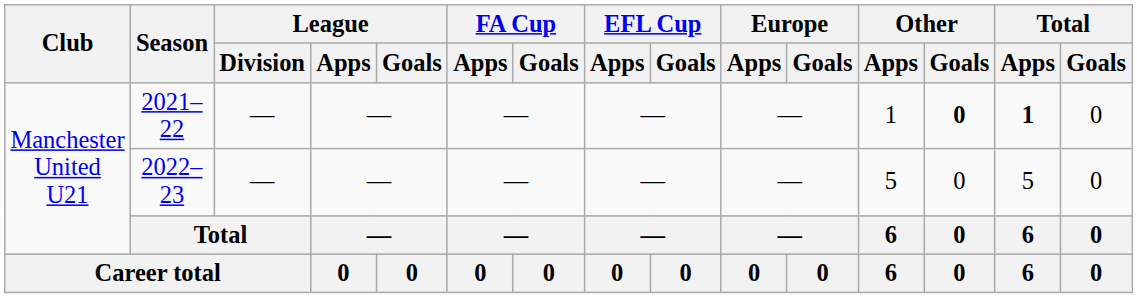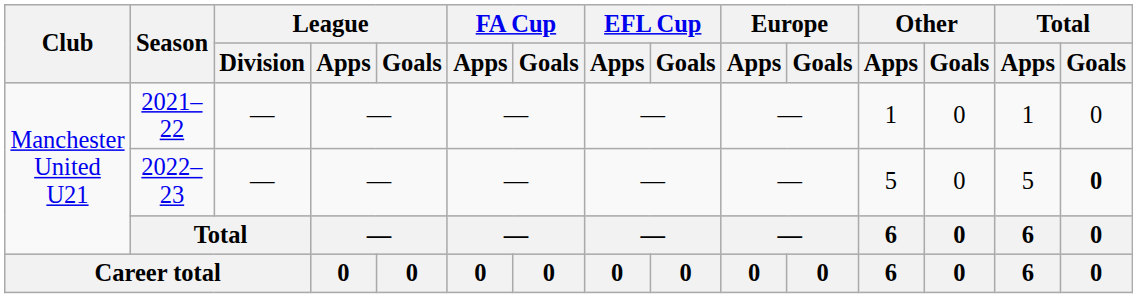 <table class=wikitable style=text-align:center>
 <tr>
 <th rowspan=2>Club</th>
 <th rowspan=2>Season</th>
 <th colspan=3>League</th>
 <th colspan=2><a href='#'>FA Cup</a></th>
 <th colspan=2><a href='#'>EFL Cup</a></th>
 <th colspan=2>Europe</th>
 <th colspan=2>Other</th>
 <th colspan=2>Total</th>
 </tr>
 <tr>
 <th>Division</th>
 <th>Apps</th>
 <th>Goals</th>
 <th>Apps</th>
 <th>Goals</th>
 <th>Apps</th>
 <th>Goals</th>
 <th>Apps</th>
 <th>Goals</th>
 <th>Apps</th>
 <th>Goals</th>
 <th>Apps</th>
 <th>Goals</th>
 </tr>
 <tr>
 <td rowspan="3"><a href='#'>Manchester United U21</a></td>
 <td><a href='#'>2021–22</a></td>
 <td>—</td>
 <td colspan=2>—</td>
 <td colspan=2>—</td>
 <td colspan=2>—</td>
 <td colspan=2>—</td>
 <td>1</td>
-<td><strong>0</strong></td>
-<td><strong>1</strong></td>
+<td>0</td>
+<td>1</td>
 <td>0</td>
 </tr>
 <tr>
 <td><a href='#'>2022–23</a></td>
 <td>—</td>
 <td colspan=2>—</td>
 <td colspan=2>—</td>
 <td colspan=2>—</td>
 <td colspan=2>—</td>
 <td>5</td>
 <td>0</td>
 <td>5</td>
-<td>0</td>
+<td><strong>0</strong></td>
 </tr>
 <tr>
 <th colspan=2>Total</th>
 <th colspan=2>—</th>
 <th colspan=2>—</th>
 <th colspan=2>—</th>
 <th colspan=2>—</th>
 <th>6</th>
 <th>0</th>
 <th>6</th>
 <th>0</th>
 </tr>
 <tr>
 <th colspan=3>Career total</th>
 <th>0</th>
 <th>0</th>
 <th>0</th>
 <th>0</th>
 <th>0</th>
 <th>0</th>
 <th>0</th>
 <th>0</th>
 <th>6</th>
 <th>0</th>
 <th>6</th>
 <th>0</th>
 </tr>
 </table>
